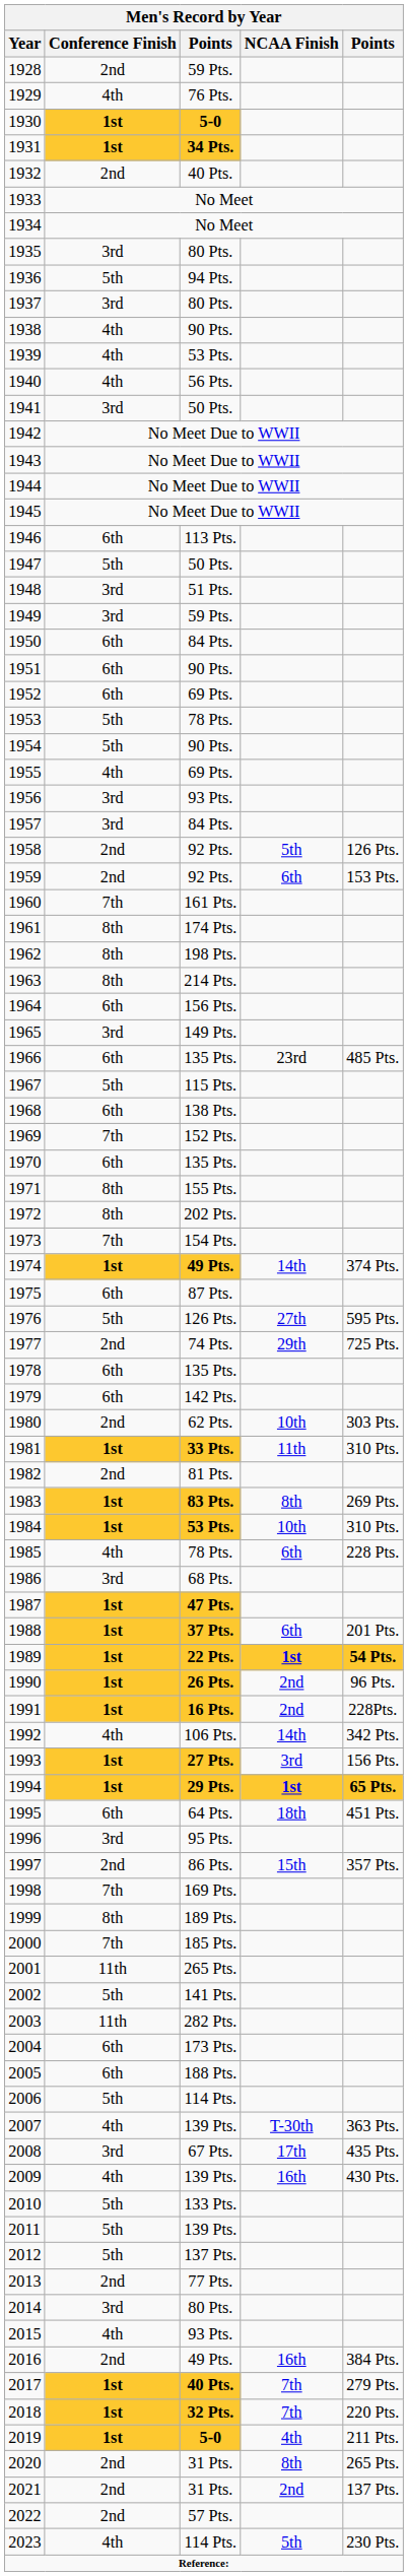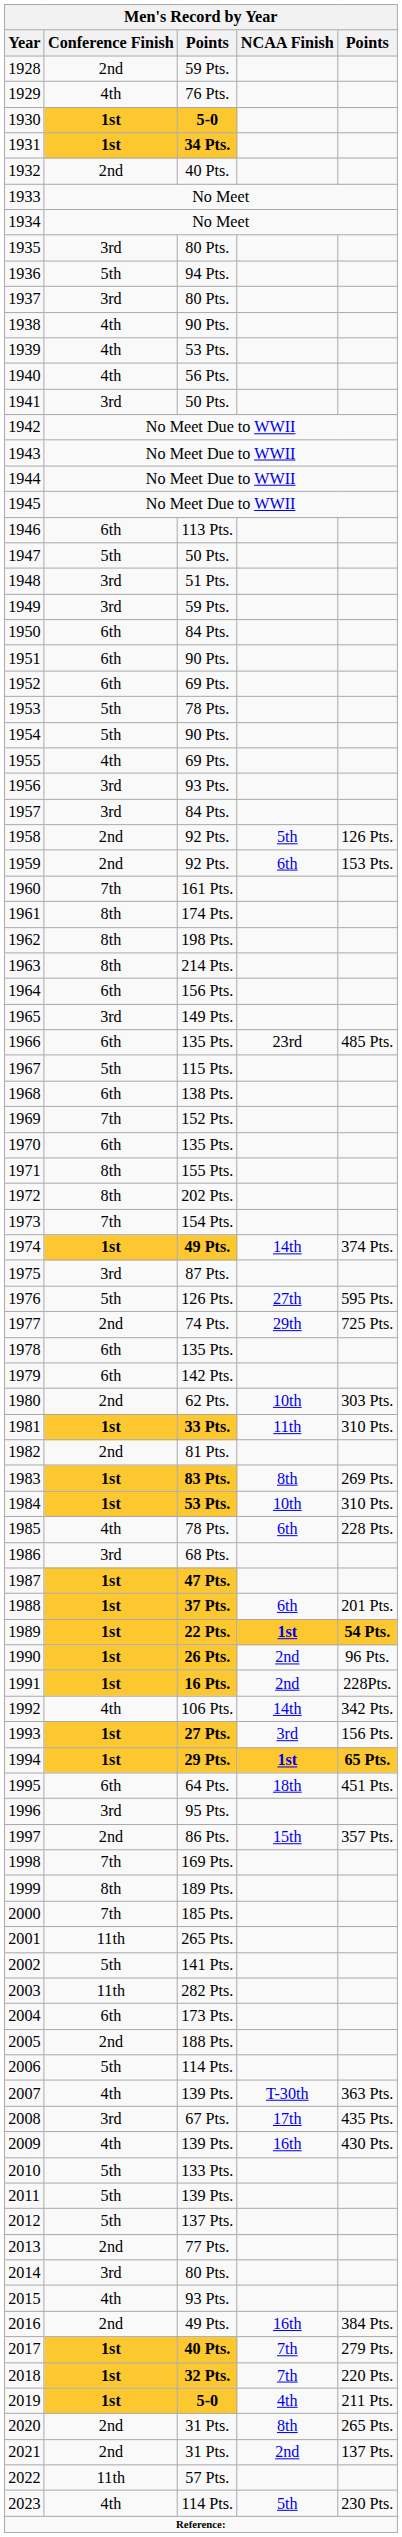 <table class="wikitable">
 <tr>
 <th colspan="5">Men's Record by Year</th>
 </tr>
 <tr>
 <th scope="col">Year</th>
 <th scope="col">Conference Finish</th>
 <th scope="col">Points</th>
 <th scope="col">NCAA Finish</th>
 <th scope="col">Points</th>
 </tr>
 <tr>
 <td>1928</td>
 <td style="text-align: center;">2nd</td>
 <td style="text-align: center;">59 Pts.</td>
 <td style="text-align: center;"></td>
 <td style="text-align: center;"></td>
 </tr>
 <tr>
 <td>1929</td>
 <td style="text-align: center;">4th</td>
 <td style="text-align: center;">76 Pts.</td>
 <td style="text-align: center;"></td>
 <td style="text-align: center;"></td>
 </tr>
 <tr>
 <td>1930</td>
 <td style="text-align: center; background: #FDC82F"><strong>1st</strong></td>
 <td style="text-align: center; background: #FDC82F"><strong>5-0</strong></td>
 <td style="text-align: center;"></td>
 <td style="text-align: center;"></td>
 </tr>
 <tr>
 <td>1931</td>
 <td style="text-align: center; background: #FDC82F"><strong>1st</strong></td>
 <td style="text-align: center;background: #FDC82F"><strong>34 Pts.</strong></td>
 <td style="text-align: center;"></td>
 <td style="text-align: center;"></td>
 </tr>
 <tr>
 <td>1932</td>
 <td style="text-align: center;">2nd</td>
 <td style="text-align: center;">40 Pts.</td>
 <td style="text-align: center;"></td>
 <td style="text-align: center;"></td>
 </tr>
 <tr>
 <td>1933</td>
 <td style="text-align: center;" colspan=4>No Meet</td>
 </tr>
 <tr>
 <td>1934</td>
 <td style="text-align: center;" colspan=4>No Meet</td>
 </tr>
 <tr>
 <td>1935</td>
 <td style="text-align: center;">3rd</td>
 <td style="text-align: center;">80 Pts.</td>
 <td style="text-align: center;"></td>
 <td style="text-align: center;"></td>
 </tr>
 <tr>
 <td>1936</td>
 <td style="text-align: center;">5th</td>
 <td style="text-align: center;">94 Pts.</td>
 <td style="text-align: center;"></td>
 <td style="text-align: center;"></td>
 </tr>
 <tr>
 <td>1937</td>
 <td style="text-align: center;">3rd</td>
 <td style="text-align: center;">80 Pts.</td>
 <td style="text-align: center;"></td>
 <td style="text-align: center;"></td>
 </tr>
 <tr>
 <td>1938</td>
 <td style="text-align: center;">4th</td>
 <td style="text-align: center;">90 Pts.</td>
 <td style="text-align: center;"></td>
 <td style="text-align: center;"></td>
 </tr>
 <tr>
 <td>1939</td>
 <td style="text-align: center;">4th</td>
 <td style="text-align: center;">53 Pts.</td>
 <td style="text-align: center;"></td>
 <td style="text-align: center;"></td>
 </tr>
 <tr>
 <td>1940</td>
 <td style="text-align: center;">4th</td>
 <td style="text-align: center;">56 Pts.</td>
 <td style="text-align: center;"></td>
 <td style="text-align: center;"></td>
 </tr>
 <tr>
 <td>1941</td>
 <td style="text-align: center;">3rd</td>
 <td style="text-align: center;">50 Pts.</td>
 <td style="text-align: center;"></td>
 <td style="text-align: center;"></td>
 </tr>
 <tr>
 <td>1942</td>
 <td style="text-align: center;" colspan=4>No Meet Due to <a href='#'>WWII</a></td>
 </tr>
 <tr>
 <td>1943</td>
 <td style="text-align: center;" colspan=4>No Meet Due to <a href='#'>WWII</a></td>
 </tr>
 <tr>
 <td>1944</td>
 <td style="text-align: center;" colspan=4>No Meet Due to <a href='#'>WWII</a></td>
 </tr>
 <tr>
 <td>1945</td>
 <td style="text-align: center;" colspan=4>No Meet Due to <a href='#'>WWII</a></td>
 </tr>
 <tr>
 <td>1946</td>
 <td style="text-align: center;">6th</td>
 <td style="text-align: center;">113 Pts.</td>
 <td style="text-align: center;"></td>
 <td style="text-align: center;"></td>
 </tr>
 <tr>
 <td>1947</td>
 <td style="text-align: center;">5th</td>
 <td style="text-align: center;">50 Pts.</td>
 <td style="text-align: center;"></td>
 <td style="text-align: center;"></td>
 </tr>
 <tr>
 <td>1948</td>
 <td style="text-align: center;">3rd</td>
 <td style="text-align: center;">51 Pts.</td>
 <td style="text-align: center;"></td>
 <td style="text-align: center;"></td>
 </tr>
 <tr>
 <td>1949</td>
 <td style="text-align: center;">3rd</td>
 <td style="text-align: center;">59 Pts.</td>
 <td style="text-align: center;"></td>
 <td style="text-align: center;"></td>
 </tr>
 <tr>
 <td>1950</td>
 <td style="text-align: center;">6th</td>
 <td style="text-align: center;">84 Pts.</td>
 <td style="text-align: center;"></td>
 <td style="text-align: center;"></td>
 </tr>
 <tr>
 <td>1951</td>
 <td style="text-align: center;">6th</td>
 <td style="text-align: center;">90 Pts.</td>
 <td style="text-align: center;"></td>
 <td style="text-align: center;"></td>
 </tr>
 <tr>
 <td>1952</td>
 <td style="text-align: center;">6th</td>
 <td style="text-align: center;">69 Pts.</td>
 <td style="text-align: center;"></td>
 <td style="text-align: center;"></td>
 </tr>
 <tr>
 <td>1953</td>
 <td style="text-align: center;">5th</td>
 <td style="text-align: center;">78 Pts.</td>
 <td style="text-align: center;"></td>
 <td style="text-align: center;"></td>
 </tr>
 <tr>
 <td>1954</td>
 <td style="text-align: center;">5th</td>
 <td style="text-align: center;">90 Pts.</td>
 <td style="text-align: center;"></td>
 <td style="text-align: center;"></td>
 </tr>
 <tr>
 <td>1955</td>
 <td style="text-align: center;">4th</td>
 <td style="text-align: center;">69 Pts.</td>
 <td style="text-align: center;"></td>
 <td style="text-align: center;"></td>
 </tr>
 <tr>
 <td>1956</td>
 <td style="text-align: center;">3rd</td>
 <td style="text-align: center;">93 Pts.</td>
 <td style="text-align: center;"></td>
 <td style="text-align: center;"></td>
 </tr>
 <tr>
 <td>1957</td>
 <td style="text-align: center;">3rd</td>
 <td style="text-align: center;">84 Pts.</td>
 <td style="text-align: center;"></td>
 <td style="text-align: center;"></td>
 </tr>
 <tr>
 <td>1958</td>
 <td style="text-align: center;">2nd</td>
 <td style="text-align: center;">92 Pts.</td>
 <td style="text-align: center;"><a href='#'>5th</a></td>
 <td style="text-align: center;">126 Pts.</td>
 </tr>
 <tr>
 <td>1959</td>
 <td style="text-align: center;">2nd</td>
 <td style="text-align: center;">92 Pts.</td>
 <td style="text-align: center;"><a href='#'>6th</a></td>
 <td style="text-align: center;">153 Pts.</td>
 </tr>
 <tr>
 <td>1960</td>
 <td style="text-align: center;">7th</td>
 <td style="text-align: center;">161 Pts.</td>
 <td style="text-align: center;"></td>
 <td style="text-align: center;"></td>
 </tr>
 <tr>
 <td>1961</td>
 <td style="text-align: center;">8th</td>
 <td style="text-align: center;">174 Pts.</td>
 <td style="text-align: center;"></td>
 <td style="text-align: center;"></td>
 </tr>
 <tr>
 <td>1962</td>
 <td style="text-align: center;">8th</td>
 <td style="text-align: center;">198 Pts.</td>
 <td style="text-align: center;"></td>
 <td style="text-align: center;"></td>
 </tr>
 <tr>
 <td>1963</td>
 <td style="text-align: center;">8th</td>
 <td style="text-align: center;">214 Pts.</td>
 <td style="text-align: center;"></td>
 <td style="text-align: center;"></td>
 </tr>
 <tr>
 <td>1964</td>
 <td style="text-align: center;">6th</td>
 <td style="text-align: center;">156 Pts.</td>
 <td style="text-align: center;"></td>
 <td style="text-align: center;"></td>
 </tr>
 <tr>
 <td>1965</td>
 <td style="text-align: center;">3rd</td>
 <td style="text-align: center;">149 Pts.</td>
 <td style="text-align: center;"></td>
 <td style="text-align: center;"></td>
 </tr>
 <tr>
 <td>1966</td>
 <td style="text-align: center;">6th</td>
 <td style="text-align: center;">135 Pts.</td>
 <td style="text-align: center;">23rd</td>
 <td style="text-align: center;">485 Pts.</td>
 </tr>
 <tr>
 <td>1967</td>
 <td style="text-align: center;">5th</td>
 <td style="text-align: center;">115 Pts.</td>
 <td style="text-align: center;"></td>
 <td style="text-align: center;"></td>
 </tr>
 <tr>
 <td>1968</td>
 <td style="text-align: center;">6th</td>
 <td style="text-align: center;">138 Pts.</td>
 <td style="text-align: center;"></td>
 <td style="text-align: center;"></td>
 </tr>
 <tr>
 <td>1969</td>
 <td style="text-align: center;">7th</td>
 <td style="text-align: center;">152 Pts.</td>
 <td style="text-align: center;"></td>
 <td style="text-align: center;"></td>
 </tr>
 <tr>
 <td>1970</td>
 <td style="text-align: center;">6th</td>
 <td style="text-align: center;">135 Pts.</td>
 <td style="text-align: center;"></td>
 <td style="text-align: center;"></td>
 </tr>
 <tr>
 <td>1971</td>
 <td style="text-align: center;">8th</td>
 <td style="text-align: center;">155 Pts.</td>
 <td style="text-align: center;"></td>
 <td style="text-align: center;"></td>
 </tr>
 <tr>
 <td>1972</td>
 <td style="text-align: center;">8th</td>
 <td style="text-align: center;">202 Pts.</td>
 <td style="text-align: center;"></td>
 <td style="text-align: center;"></td>
 </tr>
 <tr>
 <td>1973</td>
 <td style="text-align: center;">7th</td>
 <td style="text-align: center;">154 Pts.</td>
 <td style="text-align: center;"></td>
 <td style="text-align: center;"></td>
 </tr>
 <tr>
 <td>1974</td>
 <td style="text-align: center; background: #FDC82F"><strong>1st</strong></td>
 <td style="text-align: center; background: #FDC82F"><strong>49 Pts.</strong></td>
 <td style="text-align: center;"><a href='#'>14th</a></td>
 <td style="text-align: center;">374 Pts.</td>
 </tr>
 <tr>
 <td>1975</td>
-<td style="text-align: center;">6th</td>
+<td style="text-align: center;">3rd</td>
 <td style="text-align: center;">87 Pts.</td>
 <td style="text-align: center;"></td>
 <td style="text-align: center;"></td>
 </tr>
 <tr>
 <td>1976</td>
 <td style="text-align: center;">5th</td>
 <td style="text-align: center;">126 Pts.</td>
 <td style="text-align: center;"><a href='#'>27th</a></td>
 <td style="text-align: center;">595 Pts.</td>
 </tr>
 <tr>
 <td>1977</td>
 <td style="text-align: center;">2nd</td>
 <td style="text-align: center;">74 Pts.</td>
 <td style="text-align: center;"><a href='#'>29th</a></td>
 <td style="text-align: center;">725 Pts.</td>
 </tr>
 <tr>
 <td>1978</td>
 <td style="text-align: center;">6th</td>
 <td style="text-align: center;">135 Pts.</td>
 <td style="text-align: center;"></td>
 <td style="text-align: center;"></td>
 </tr>
 <tr>
 <td>1979</td>
 <td style="text-align: center;">6th</td>
 <td style="text-align: center;">142 Pts.</td>
 <td style="text-align: center;"></td>
 <td style="text-align: center;"></td>
 </tr>
 <tr>
 <td>1980</td>
 <td style="text-align: center;">2nd</td>
 <td style="text-align: center;">62 Pts.</td>
 <td style="text-align: center;"><a href='#'>10th</a></td>
 <td style="text-align: center;">303 Pts.</td>
 </tr>
 <tr>
 <td>1981</td>
 <td style="text-align: center; background: #FDC82F"><strong>1st</strong></td>
 <td style="text-align: center; background: #FDC82F"><strong>33 Pts.</strong></td>
 <td style="text-align: center;"><a href='#'>11th</a></td>
 <td style="text-align: center;">310 Pts.</td>
 </tr>
 <tr>
 <td>1982</td>
 <td style="text-align: center;">2nd</td>
 <td style="text-align: center;">81 Pts.</td>
 <td style="text-align: center;"></td>
 <td style="text-align: center;"></td>
 </tr>
 <tr>
 <td>1983</td>
 <td style="text-align: center; background: #FDC82F"><strong>1st</strong></td>
 <td style="text-align: center; background: #FDC82F"><strong>83 Pts.</strong></td>
 <td style="text-align: center;"><a href='#'>8th</a></td>
 <td style="text-align: center;">269 Pts.</td>
 </tr>
 <tr>
 <td>1984</td>
 <td style="text-align: center; background: #FDC82F"><strong>1st</strong></td>
 <td style="text-align: center; background: #FDC82F"><strong>53 Pts.</strong></td>
 <td style="text-align: center;"><a href='#'>10th</a></td>
 <td style="text-align: center;">310 Pts.</td>
 </tr>
 <tr>
 <td>1985</td>
 <td style="text-align: center;">4th</td>
 <td style="text-align: center;">78 Pts.</td>
 <td style="text-align: center;"><a href='#'>6th</a></td>
 <td style="text-align: center;">228 Pts.</td>
 </tr>
 <tr>
 <td>1986</td>
 <td style="text-align: center;">3rd</td>
 <td style="text-align: center;">68 Pts.</td>
 <td style="text-align: center;"></td>
 <td style="text-align: center;"></td>
 </tr>
 <tr>
 <td>1987</td>
 <td style="text-align: center; background: #FDC82F"><strong>1st</strong></td>
 <td style="text-align: center; background: #FDC82F"><strong>47 Pts.</strong></td>
 <td style="text-align: center;"></td>
 <td style="text-align: center;"></td>
 </tr>
 <tr>
 <td>1988</td>
 <td style="text-align: center; background: #FDC82F"><strong>1st</strong></td>
 <td style="text-align: center; background: #FDC82F"><strong>37 Pts.</strong></td>
 <td style="text-align: center;"><a href='#'>6th</a></td>
 <td style="text-align: center;">201 Pts.</td>
 </tr>
 <tr>
 <td>1989</td>
 <td style="text-align: center; background: #FDC82F"><strong>1st</strong></td>
 <td style="text-align: center; background: #FDC82F"><strong>22 Pts.</strong></td>
 <td style="text-align: center; background: #FDC82F"><strong><a href='#'>1st</a></strong></td>
 <td style="text-align: center; background: #FDC82F"><strong>54 Pts.</strong></td>
 </tr>
 <tr>
 <td>1990</td>
 <td style="text-align: center; background: #FDC82F"><strong>1st</strong></td>
 <td style="text-align: center; background: #FDC82F"><strong>26 Pts.</strong></td>
 <td style="text-align: center;"><a href='#'>2nd</a></td>
 <td style="text-align: center;">96 Pts.</td>
 </tr>
 <tr>
 <td>1991</td>
 <td style="text-align: center; background: #FDC82F"><strong>1st</strong></td>
 <td style="text-align: center; background: #FDC82F"><strong>16 Pts.</strong></td>
 <td style="text-align: center;"><a href='#'>2nd</a></td>
 <td style="text-align: center;">228Pts.</td>
 </tr>
 <tr>
 <td>1992</td>
 <td style="text-align: center;">4th</td>
 <td style="text-align: center;">106 Pts.</td>
 <td style="text-align: center;"><a href='#'>14th</a></td>
 <td style="text-align: center;">342 Pts.</td>
 </tr>
 <tr>
 <td>1993</td>
 <td style="text-align: center; background: #FDC82F"><strong>1st</strong></td>
 <td style="text-align: center; background: #FDC82F"><strong>27 Pts.</strong></td>
 <td style="text-align: center;"><a href='#'>3rd</a></td>
 <td style="text-align: center;">156 Pts.</td>
 </tr>
 <tr>
 <td>1994</td>
 <td style="text-align: center; background: #FDC82F"><strong>1st</strong></td>
 <td style="text-align: center; background: #FDC82F"><strong>29 Pts.</strong></td>
 <td style="text-align: center; background: #FDC82F"><strong><a href='#'>1st</a></strong></td>
 <td style="text-align: center; background: #FDC82F"><strong>65 Pts.</strong></td>
 </tr>
 <tr>
 <td>1995</td>
 <td style="text-align: center;">6th</td>
 <td style="text-align: center;">64 Pts.</td>
 <td style="text-align: center;"><a href='#'>18th</a></td>
 <td style="text-align: center;">451 Pts.</td>
 </tr>
 <tr>
 <td>1996</td>
 <td style="text-align: center;">3rd</td>
 <td style="text-align: center;">95 Pts.</td>
 <td style="text-align: center;"></td>
 <td style="text-align: center;"></td>
 </tr>
 <tr>
 <td>1997</td>
 <td style="text-align: center;">2nd</td>
 <td style="text-align: center;">86 Pts.</td>
 <td style="text-align: center;"><a href='#'>15th</a></td>
 <td style="text-align: center;">357 Pts.</td>
 </tr>
 <tr>
 <td>1998</td>
 <td style="text-align: center;">7th</td>
 <td style="text-align: center;">169 Pts.</td>
 <td style="text-align: center;"></td>
 <td style="text-align: center;"></td>
 </tr>
 <tr>
 <td>1999</td>
 <td style="text-align: center;">8th</td>
 <td style="text-align: center;">189 Pts.</td>
 <td style="text-align: center;"></td>
 <td style="text-align: center;"></td>
 </tr>
 <tr>
 <td>2000</td>
 <td style="text-align: center;">7th</td>
 <td style="text-align: center;">185 Pts.</td>
 <td style="text-align: center;"></td>
 <td style="text-align: center;"></td>
 </tr>
 <tr>
 <td>2001</td>
 <td style="text-align: center;">11th</td>
 <td style="text-align: center;">265 Pts.</td>
 <td style="text-align: center;"></td>
 <td style="text-align: center;"></td>
 </tr>
 <tr>
 <td>2002</td>
 <td style="text-align: center;">5th</td>
 <td style="text-align: center;">141 Pts.</td>
 <td style="text-align: center;"></td>
 <td style="text-align: center;"></td>
 </tr>
 <tr>
 <td>2003</td>
 <td style="text-align: center;">11th</td>
 <td style="text-align: center;">282 Pts.</td>
 <td style="text-align: center;"></td>
 <td style="text-align: center;"></td>
 </tr>
 <tr>
 <td>2004</td>
 <td style="text-align: center;">6th</td>
 <td style="text-align: center;">173 Pts.</td>
 <td style="text-align: center;"></td>
 <td style="text-align: center;"></td>
 </tr>
 <tr>
 <td>2005</td>
-<td style="text-align: center;">6th</td>
+<td style="text-align: center;">2nd</td>
 <td style="text-align: center;">188 Pts.</td>
 <td style="text-align: center;"></td>
 <td style="text-align: center;"></td>
 </tr>
 <tr>
 <td>2006</td>
 <td style="text-align: center;">5th</td>
 <td style="text-align: center;">114 Pts.</td>
 <td style="text-align: center;"></td>
 <td style="text-align: center;"></td>
 </tr>
 <tr>
 <td>2007</td>
 <td style="text-align: center;">4th</td>
 <td style="text-align: center;">139 Pts.</td>
 <td style="text-align: center;"><a href='#'>T-30th</a></td>
 <td style="text-align: center;">363 Pts.</td>
 </tr>
 <tr>
 <td>2008</td>
 <td style="text-align: center;">3rd</td>
 <td style="text-align: center;">67 Pts.</td>
 <td style="text-align: center;"><a href='#'>17th</a></td>
 <td style="text-align: center;">435 Pts.</td>
 </tr>
 <tr>
 <td>2009</td>
 <td style="text-align: center;">4th</td>
 <td style="text-align: center;">139 Pts.</td>
 <td style="text-align: center;"><a href='#'>16th</a></td>
 <td style="text-align: center;">430 Pts.</td>
 </tr>
 <tr>
 <td>2010</td>
 <td style="text-align: center;">5th</td>
 <td style="text-align: center;">133 Pts.</td>
 <td style="text-align: center;"></td>
 <td style="text-align: center;"></td>
 </tr>
 <tr>
 <td>2011</td>
 <td style="text-align: center;">5th</td>
 <td style="text-align: center;">139 Pts.</td>
 <td style="text-align: center;"></td>
 <td style="text-align: center;"></td>
 </tr>
 <tr>
 <td>2012</td>
 <td style="text-align: center;">5th</td>
 <td style="text-align: center;">137 Pts.</td>
 <td style="text-align: center;"></td>
 <td style="text-align: center;"></td>
 </tr>
 <tr>
 <td>2013</td>
 <td style="text-align: center;">2nd</td>
 <td style="text-align: center;">77 Pts.</td>
 <td style="text-align: center;"></td>
 <td style="text-align: center;"></td>
 </tr>
 <tr>
 <td>2014</td>
 <td style="text-align: center;">3rd</td>
 <td style="text-align: center;">80 Pts.</td>
 <td style="text-align: center;"></td>
 <td style="text-align: center;"></td>
 </tr>
 <tr>
 <td>2015</td>
 <td style="text-align: center;">4th</td>
 <td style="text-align: center;">93 Pts.</td>
 <td style="text-align: center;"></td>
 <td style="text-align: center;"></td>
 </tr>
 <tr>
 <td>2016</td>
 <td style="text-align: center;">2nd</td>
 <td style="text-align: center;">49 Pts.</td>
 <td style="text-align: center;"><a href='#'>16th</a></td>
 <td style="text-align: center;">384 Pts.</td>
 </tr>
 <tr>
 <td>2017</td>
 <td style="text-align: center;background: #FDC82F"><strong>1st</strong></td>
 <td style="text-align: center;background: #FDC82F"><strong>40 Pts.</strong></td>
 <td style="text-align: center;"><a href='#'>7th</a></td>
 <td style="text-align: center;">279 Pts.</td>
 </tr>
 <tr>
 <td>2018</td>
 <td style="text-align: center;background: #FDC82F"><strong>1st</strong></td>
 <td style="text-align: center;background: #FDC82F"><strong>32 Pts.</strong></td>
 <td style="text-align: center;"><a href='#'>7th</a></td>
 <td style="text-align: center;">220 Pts.</td>
 </tr>
 <tr>
 <td>2019</td>
 <td style="text-align: center;background: #FDC82F"><strong>1st</strong></td>
 <td style="text-align: center; background: #FDC82F"><strong>5-0</strong></td>
 <td style="text-align: center;"><a href='#'>4th</a></td>
 <td style="text-align: center;">211 Pts.</td>
 </tr>
 <tr>
 <td>2020</td>
 <td style="text-align: center;">2nd</td>
 <td style="text-align: center;">31 Pts.</td>
 <td style="text-align: center;"><a href='#'>8th</a></td>
 <td style="text-align: center;">265 Pts.</td>
 </tr>
 <tr>
 <td>2021</td>
 <td style="text-align: center;">2nd</td>
 <td style="text-align: center;">31 Pts.</td>
 <td style="text-align: center;"><a href='#'>2nd</a></td>
 <td style="text-align: center;">137 Pts.</td>
 </tr>
 <tr>
 <td>2022</td>
-<td style="text-align: center;">2nd</td>
+<td style="text-align: center;">11th</td>
 <td style="text-align: center;">57 Pts.</td>
 <td style="text-align: center;"></td>
 <td style="text-align: center;"></td>
 </tr>
 <tr>
 <td>2023</td>
 <td style="text-align: center;">4th</td>
 <td style="text-align: center;">114 Pts.</td>
 <td style="text-align: center;"><a href='#'>5th</a></td>
 <td style="text-align: center;">230 Pts.</td>
 </tr>
 <tr>
 <td colspan="5"  style="font-size:8pt; text-align:center;"><strong>Reference:</strong></td>
 </tr>
 </table>
